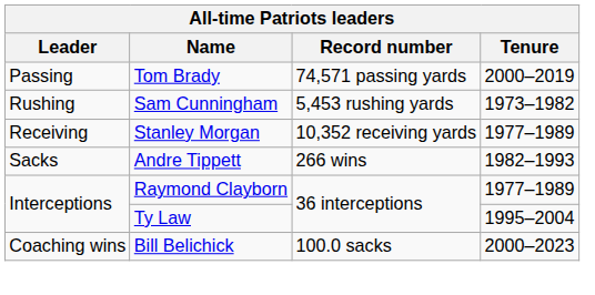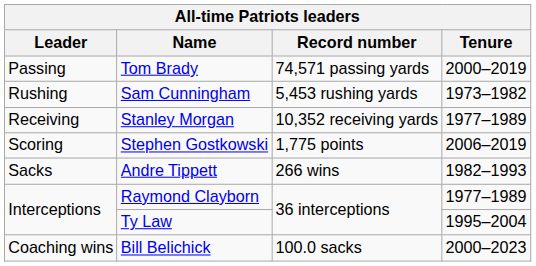 <table class="wikitable" style="margin:left">
 <tr>
 <th colspan="4">All-time Patriots leaders</th>
 </tr>
 <tr>
 <th>Leader</th>
 <th>Name</th>
 <th>Record number</th>
 <th>Tenure</th>
 </tr>
 <tr>
 <td>Passing</td>
 <td><a href='#'>Tom Brady</a></td>
 <td>74,571 passing yards</td>
 <td>2000–2019</td>
 </tr>
 <tr>
 <td>Rushing</td>
 <td><a href='#'>Sam Cunningham</a></td>
 <td>5,453 rushing yards</td>
 <td>1973–1982</td>
 </tr>
 <tr>
 <td>Receiving</td>
 <td><a href='#'>Stanley Morgan</a></td>
 <td>10,352 receiving yards</td>
 <td>1977–1989</td>
 </tr>
 <tr>
+<td>Scoring</td>
+<td><a href='#'>Stephen Gostkowski</a></td>
+<td>1,775 points</td>
+<td>2006–2019</td>
+</tr>
+<tr>
 <td>Sacks</td>
 <td><a href='#'>Andre Tippett</a></td>
 <td>266 wins</td>
 <td>1982–1993</td>
 </tr>
 <tr>
 <td rowspan="2">Interceptions</td>
 <td><a href='#'>Raymond Clayborn</a></td>
 <td rowspan="2">36 interceptions</td>
 <td>1977–1989</td>
 </tr>
 <tr>
 <td><a href='#'>Ty Law</a></td>
 <td>1995–2004</td>
 </tr>
 <tr>
 <td>Coaching wins</td>
 <td><a href='#'>Bill Belichick</a></td>
 <td>100.0 sacks</td>
 <td>2000–2023</td>
 </tr>
 </table>
